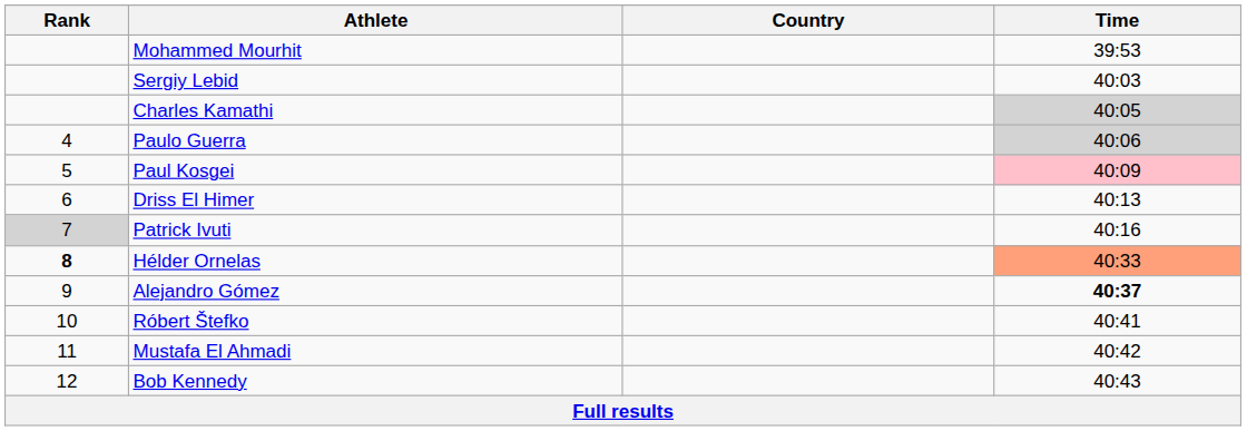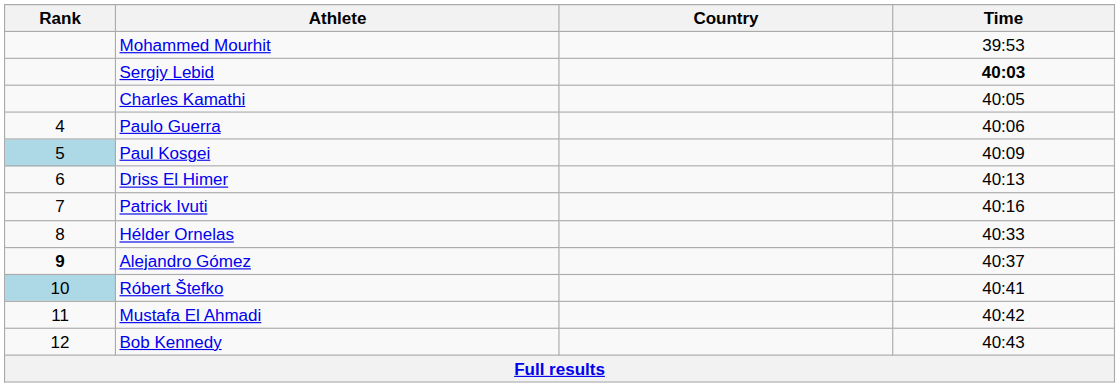 <table class="wikitable sortable" style=" text-align:center; font-size:95%;" width="50%">
 <tr>
 </tr>
 <tr>
 <th width=5%>Rank</th>
 <th width=20%>Athlete</th>
 <th width=15%>Country</th>
 <th width=10%>Time</th>
 </tr>
 <tr>
 <td align=center></td>
 <td align=left><a href='#'>Mohammed Mourhit</a></td>
 <td align=left></td>
 <td>39:53</td>
 </tr>
 <tr>
 <td align=center></td>
 <td align=left><a href='#'>Sergiy Lebid</a></td>
 <td align=left></td>
-<td>40:03</td>
+<td><strong>40:03</strong></td>
 </tr>
 <tr>
 <td align=center></td>
 <td align=left><a href='#'>Charles Kamathi</a></td>
 <td align=left></td>
-<td style="background: lightgrey;">40:05</td>
+<td>40:05</td>
 </tr>
 <tr>
 <td align=center>4</td>
 <td align=left><a href='#'>Paulo Guerra</a></td>
 <td align=left></td>
-<td style="background: lightgrey;">40:06</td>
+<td>40:06</td>
 </tr>
 <tr>
-<td align=center>5</td>
+<td align=center style="background: lightblue;">5</td>
 <td align=left><a href='#'>Paul Kosgei</a></td>
 <td align=left></td>
-<td style="background: pink;">40:09</td>
+<td>40:09</td>
 </tr>
 <tr>
 <td align=center>6</td>
 <td align=left><a href='#'>Driss El Himer</a></td>
 <td align=left></td>
 <td>40:13</td>
 </tr>
 <tr>
-<td align=center style="background: lightgrey;">7</td>
+<td align=center>7</td>
 <td align=left><a href='#'>Patrick Ivuti</a></td>
 <td align=left></td>
 <td>40:16</td>
 </tr>
 <tr>
-<td align=center><strong>8</strong></td>
+<td align=center>8</td>
 <td align=left><a href='#'>Hélder Ornelas</a></td>
 <td align=left></td>
-<td style="background: lightsalmon;">40:33</td>
+<td>40:33</td>
 </tr>
 <tr>
-<td align=center>9</td>
+<td align=center><strong>9</strong></td>
 <td align=left><a href='#'>Alejandro Gómez</a></td>
 <td align=left></td>
-<td><strong>40:37</strong></td>
+<td>40:37</td>
 </tr>
 <tr>
-<td align=center>10</td>
+<td align=center style="background: lightblue;">10</td>
 <td align=left><a href='#'>Róbert Štefko</a></td>
 <td align=left></td>
 <td>40:41</td>
 </tr>
 <tr>
 <td align=center>11</td>
 <td align=left><a href='#'>Mustafa El Ahmadi</a></td>
 <td align=left></td>
 <td>40:42</td>
 </tr>
 <tr>
 <td align=center>12</td>
 <td align=left><a href='#'>Bob Kennedy</a></td>
 <td align=left></td>
 <td>40:43</td>
 </tr>
 <tr class="sortbottom">
 <th colspan=4 align=center><a href='#'>Full results</a></th>
 </tr>
 </table>
